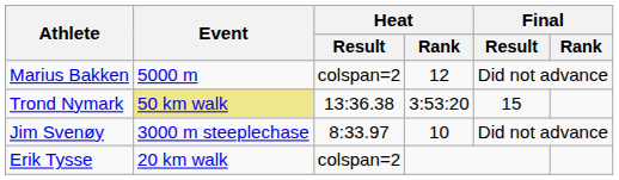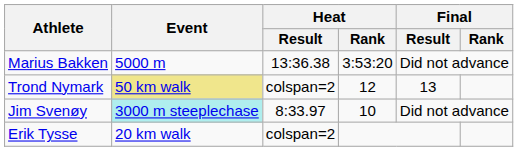 <table class=wikitable style="font-size:90%">
 <tr>
 <th rowspan="2">Athlete</th>
 <th rowspan="2">Event</th>
 <th colspan="2">Heat</th>
 <th colspan="2">Final</th>
 </tr>
 <tr style="font-size:95%">
 <th>Result</th>
 <th>Rank</th>
 <th>Result</th>
 <th>Rank</th>
 </tr>
 <tr align=center>
 <td align=left><a href='#'>Marius Bakken</a></td>
 <td align=left><a href='#'>5000 m</a></td>
-<td>colspan=2 </td>
-<td>12</td>
+<td>13:36.38</td>
+<td>3:53:20</td>
 <td colspan=2>Did not advance</td>
 </tr>
 <tr align=center>
 <td align=left><a href='#'>Trond Nymark</a></td>
 <td align=left style="background: khaki;"><a href='#'>50 km walk</a></td>
-<td>13:36.38</td>
-<td>3:53:20</td>
-<td>15</td>
+<td>colspan=2 </td>
+<td>12</td>
+<td>13</td>
 </tr>
 <tr align=center>
 <td align=left><a href='#'>Jim Svenøy</a></td>
-<td align=left><a href='#'>3000 m steeplechase</a></td>
+<td align=left style="background: paleturquoise;"><a href='#'>3000 m steeplechase</a></td>
 <td>8:33.97</td>
 <td>10</td>
 <td colspan=2>Did not advance</td>
 </tr>
 <tr align=center>
 <td align=left><a href='#'>Erik Tysse</a></td>
 <td align=left><a href='#'>20 km walk</a></td>
 <td>colspan=2 </td>
 <td colspan=2></td>
 </tr>
 </table>
